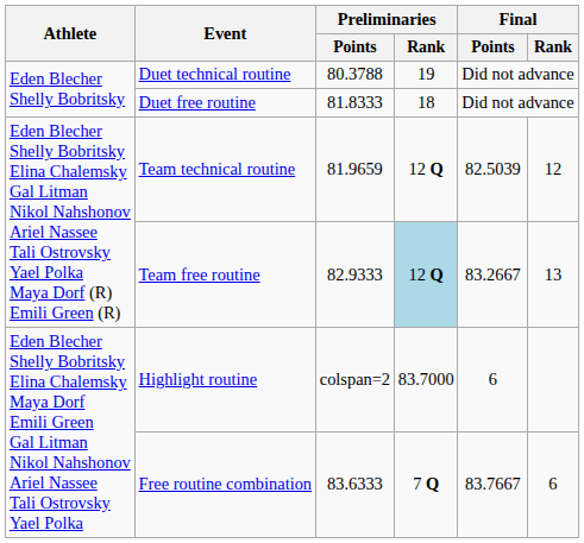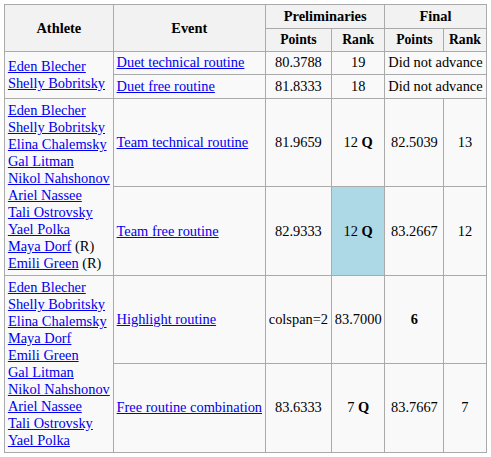 <table class=wikitable style="font-size:90%">
 <tr>
 <th rowspan="2">Athlete</th>
 <th rowspan="2">Event</th>
 <th colspan="2">Preliminaries</th>
 <th colspan="2">Final</th>
 </tr>
 <tr style="font-size:95%">
 <th>Points</th>
 <th>Rank</th>
 <th>Points</th>
 <th>Rank</th>
 </tr>
 <tr align=center>
 <td align=left rowspan=2><a href='#'>Eden Blecher</a><br><a href='#'>Shelly Bobritsky</a></td>
 <td align=left><a href='#'>Duet technical routine</a></td>
 <td>80.3788</td>
 <td>19</td>
 <td colspan=2>Did not advance</td>
 </tr>
 <tr align=center>
 <td align=left><a href='#'>Duet free routine</a></td>
 <td>81.8333</td>
 <td>18</td>
 <td colspan=2>Did not advance</td>
 </tr>
 <tr align=center>
 <td align=left rowspan=2><a href='#'>Eden Blecher</a><br><a href='#'>Shelly Bobritsky</a><br><a href='#'>Elina Chalemsky</a><br><a href='#'>Gal Litman</a><br><a href='#'>Nikol Nahshonov</a><br><a href='#'>Ariel Nassee</a><br><a href='#'>Tali Ostrovsky</a><br><a href='#'>Yael Polka</a><br><a href='#'>Maya Dorf</a> (R)<br><a href='#'>Emili Green</a> (R)</td>
 <td align=left><a href='#'>Team technical routine</a></td>
 <td>81.9659</td>
 <td>12 <strong>Q</strong></td>
 <td>82.5039</td>
-<td>12</td>
+<td>13</td>
 </tr>
 <tr align=center>
 <td align=left><a href='#'>Team free routine</a></td>
 <td>82.9333</td>
 <td style="background: lightblue;">12 <strong>Q</strong></td>
 <td>83.2667</td>
-<td>13</td>
+<td>12</td>
 </tr>
 <tr align=center>
 <td align=left rowspan=2><a href='#'>Eden Blecher</a><br><a href='#'>Shelly Bobritsky</a><br><a href='#'>Elina Chalemsky</a><br><a href='#'>Maya Dorf</a><br><a href='#'>Emili Green</a><br><a href='#'>Gal Litman</a><br><a href='#'>Nikol Nahshonov</a><br><a href='#'>Ariel Nassee</a><br><a href='#'>Tali Ostrovsky</a><br><a href='#'>Yael Polka</a></td>
 <td align=left><a href='#'>Highlight routine</a></td>
 <td>colspan=2 </td>
 <td>83.7000</td>
-<td>6</td>
+<td><strong>6</strong></td>
 </tr>
 <tr align=center>
 <td align=left><a href='#'>Free routine combination</a></td>
 <td>83.6333</td>
 <td>7 <strong>Q</strong></td>
 <td>83.7667</td>
-<td>6</td>
+<td>7</td>
 </tr>
 </table>
